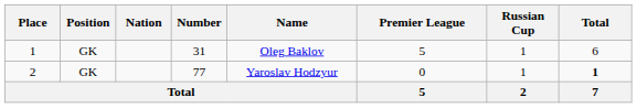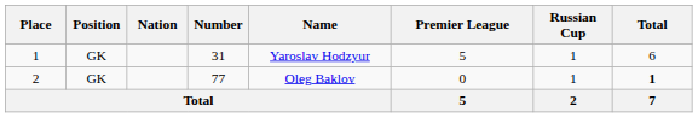 <table class="wikitable" style="font-size: 95%; text-align: center;">
 <tr>
 <th width=60>Place</th>
 <th width=60>Position</th>
 <th width=60>Nation</th>
 <th width=60>Number</th>
 <th width=150>Name</th>
 <th width=150>Premier League</th>
 <th width=80>Russian Cup</th>
 <th width=80>Total</th>
 </tr>
 <tr>
 <td>1</td>
 <td>GK</td>
 <td></td>
 <td>31</td>
-<td><a href='#'>Oleg Baklov</a></td>
+<td><a href='#'>Yaroslav Hodzyur</a></td>
 <td>5</td>
 <td>1</td>
 <td>6</td>
 </tr>
 <tr>
 <td>2</td>
 <td>GK</td>
 <td></td>
 <td>77</td>
-<td><a href='#'>Yaroslav Hodzyur</a></td>
+<td><a href='#'>Oleg Baklov</a></td>
 <td>0</td>
 <td>1</td>
 <td><strong>1</strong></td>
 </tr>
 <tr>
 <th colspan=5>Total</th>
 <th>5</th>
 <th>2</th>
 <th>7</th>
 </tr>
 </table>
